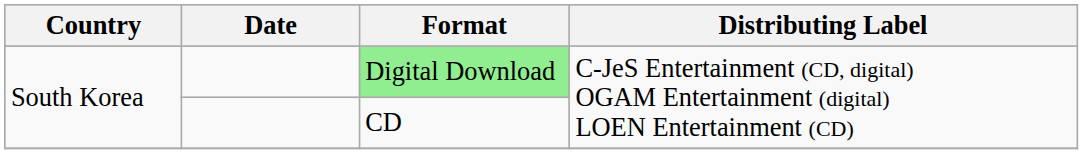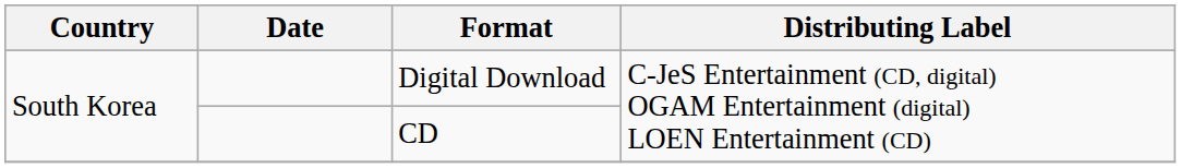 <table class="wikitable">
 <tr>
 <th width=100px>Country</th>
 <th width=100px>Date</th>
 <th width=120px>Format</th>
 <th width=300px>Distributing Label</th>
 </tr>
 <tr>
 <td rowspan="2">South Korea</td>
 <td></td>
-<td style="background: lightgreen;">Digital Download</td>
+<td>Digital Download</td>
 <td rowspan="2">C-JeS Entertainment <small>(CD, digital)</small><br>OGAM Entertainment <small>(digital)</small><br>LOEN Entertainment <small>(CD)</small></td>
 </tr>
 <tr>
 <td></td>
 <td>CD</td>
 </tr>
 <tr>
 </tr>
 </table>
